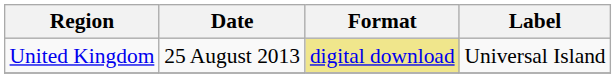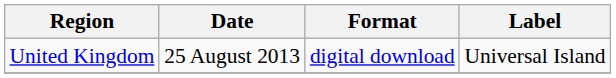 <table class=wikitable>
 <tr>
 <th>Region</th>
 <th>Date</th>
 <th>Format</th>
 <th>Label</th>
 </tr>
 <tr>
 <td><a href='#'>United Kingdom</a></td>
 <td>25 August 2013</td>
-<td style="background: khaki;"><a href='#'>digital download</a></td>
+<td><a href='#'>digital download</a></td>
 <td>Universal Island</td>
 </tr>
 <tr>
 </tr>
 </table>
